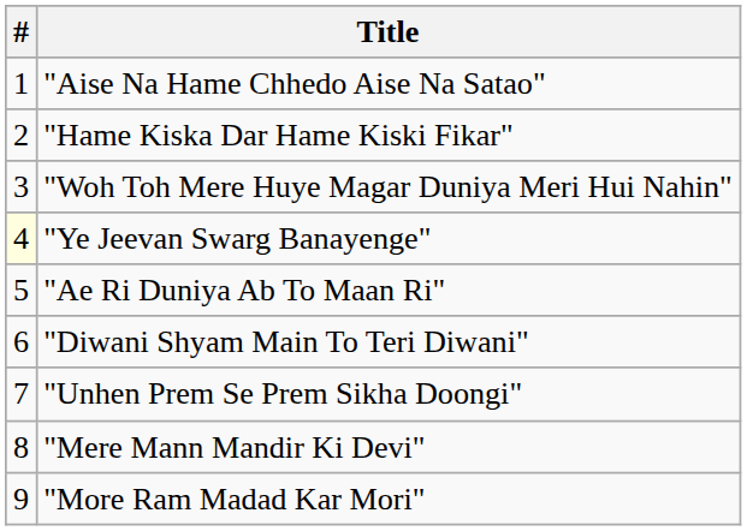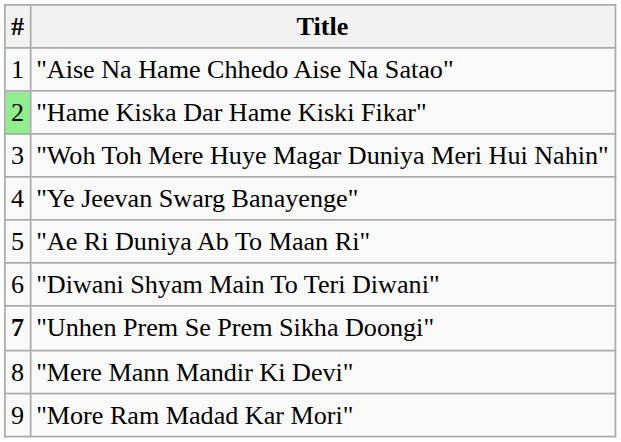 <table class="wikitable" style="font-size:95%;">
 <tr>
 <th>#</th>
 <th>Title</th>
 </tr>
 <tr>
 <td>1</td>
 <td>"Aise Na Hame Chhedo Aise Na Satao"</td>
 </tr>
 <tr>
-<td>2</td>
+<td style="background: lightgreen;">2</td>
 <td>"Hame Kiska Dar Hame Kiski Fikar"</td>
 </tr>
 <tr>
 <td>3</td>
 <td>"Woh Toh Mere Huye Magar Duniya Meri Hui Nahin"</td>
 </tr>
 <tr>
-<td style="background: lightyellow;">4</td>
+<td>4</td>
 <td>"Ye Jeevan Swarg Banayenge"</td>
 </tr>
 <tr>
 <td>5</td>
 <td>"Ae Ri Duniya Ab To Maan Ri"</td>
 </tr>
 <tr>
 <td>6</td>
 <td>"Diwani Shyam Main To Teri Diwani"</td>
 </tr>
 <tr>
-<td>7</td>
+<td><strong>7</strong></td>
 <td>"Unhen Prem Se Prem Sikha Doongi"</td>
 </tr>
 <tr>
 <td>8</td>
 <td>"Mere Mann Mandir Ki Devi"</td>
 </tr>
 <tr>
 <td>9</td>
 <td>"More Ram Madad Kar Mori"</td>
 </tr>
 </table>
